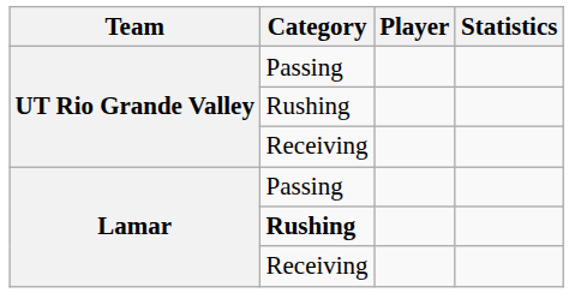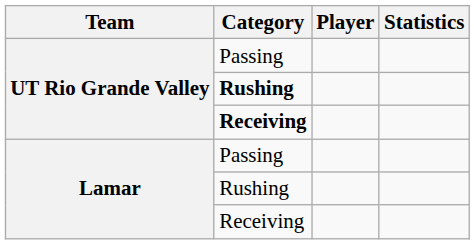 <table class="wikitable" style="float:right">
 <tr>
 <th>Team</th>
 <th>Category</th>
 <th>Player</th>
 <th>Statistics</th>
 </tr>
 <tr>
 <th rowspan=3>UT Rio Grande Valley</th>
 <td>Passing</td>
 <td></td>
 <td></td>
 </tr>
 <tr>
-<td>Rushing</td>
+<td><strong>Rushing</strong></td>
 <td></td>
 <td></td>
 </tr>
 <tr>
-<td>Receiving</td>
+<td><strong>Receiving</strong></td>
 <td></td>
 <td></td>
 </tr>
 <tr>
 <th rowspan=3>Lamar</th>
 <td>Passing</td>
 <td></td>
 <td></td>
 </tr>
 <tr>
-<td><strong>Rushing</strong></td>
+<td>Rushing</td>
 <td></td>
 <td></td>
 </tr>
 <tr>
 <td>Receiving</td>
 <td></td>
 <td></td>
 </tr>
 </table>
